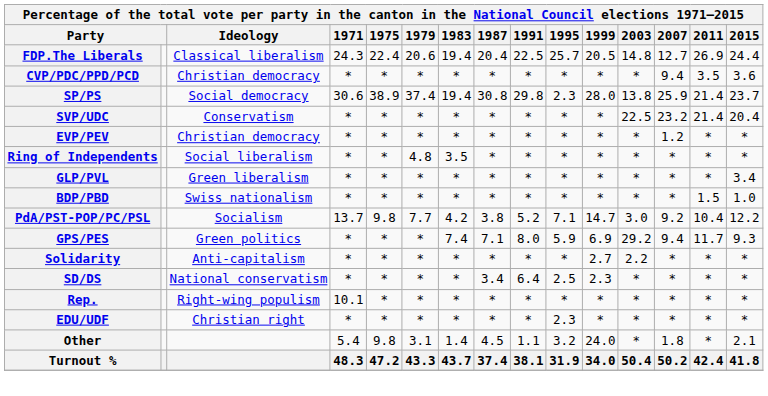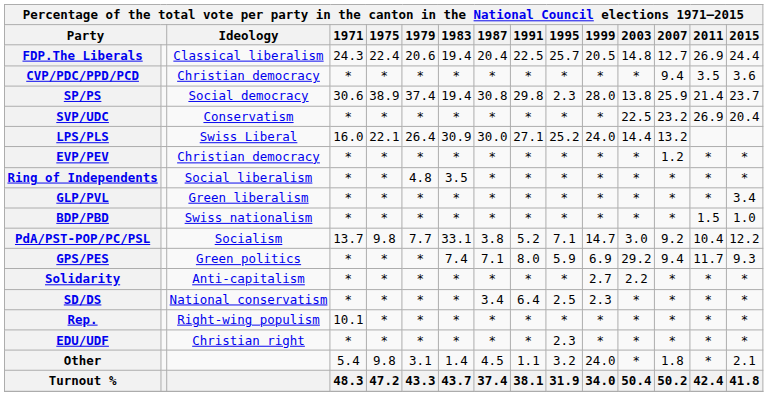 <table class="wikitable sortable" style="text-align: center">
 <tr>
 <th colspan="15">Percentage of the total vote per party in the canton in the <a href='#'>National Council</a> elections 1971–2015</th>
 </tr>
 <tr>
 <th colspan="2">Party</th>
 <th class="unsortable">Ideology</th>
 <th>1971</th>
 <th>1975</th>
 <th>1979</th>
 <th>1983</th>
 <th>1987</th>
 <th>1991</th>
 <th>1995</th>
 <th>1999</th>
 <th>2003</th>
 <th>2007</th>
 <th>2011</th>
 <th>2015</th>
 </tr>
 <tr>
 <th><a href='#'>FDP.The Liberals</a></th>
 <td></td>
 <td><a href='#'>Classical liberalism</a></td>
 <td>24.3</td>
 <td>22.4</td>
 <td>20.6</td>
 <td>19.4</td>
 <td>20.4</td>
 <td>22.5</td>
 <td>25.7</td>
 <td>20.5</td>
 <td>14.8</td>
 <td>12.7</td>
 <td>26.9</td>
 <td>24.4</td>
 </tr>
 <tr>
 <th><a href='#'>CVP/PDC/PPD/PCD</a></th>
 <td style="color:inherit;background-color:"></td>
 <td><a href='#'>Christian democracy</a></td>
 <td>* </td>
 <td>*</td>
 <td>*</td>
 <td>*</td>
 <td>*</td>
 <td>*</td>
 <td>*</td>
 <td>*</td>
 <td>*</td>
 <td>9.4</td>
 <td>3.5</td>
 <td>3.6</td>
 </tr>
 <tr>
 <th><a href='#'>SP/PS</a></th>
 <td style="color:inherit;background-color:"></td>
 <td><a href='#'>Social democracy</a></td>
 <td>30.6</td>
 <td>38.9</td>
 <td>37.4</td>
 <td>19.4</td>
 <td>30.8</td>
 <td>29.8</td>
 <td>2.3</td>
 <td>28.0</td>
 <td>13.8</td>
 <td>25.9</td>
 <td>21.4</td>
 <td>23.7</td>
 </tr>
 <tr>
 <th><a href='#'>SVP/UDC</a></th>
 <td style="color:inherit;background-color:"></td>
 <td><a href='#'>Conservatism</a></td>
 <td>*</td>
 <td>*</td>
 <td>*</td>
 <td>*</td>
 <td>*</td>
 <td>*</td>
 <td>*</td>
 <td>*</td>
 <td>22.5</td>
 <td>23.2</td>
-<td>21.4</td>
+<td>26.9</td>
 <td>20.4</td>
+</tr>
+<tr>
+<th><a href='#'>LPS/PLS</a></th>
+<td style="color:inherit;background-color:"></td>
+<td><a href='#'>Swiss Liberal</a></td>
+<td>16.0</td>
+<td>22.1</td>
+<td>26.4</td>
+<td>30.9</td>
+<td>30.0</td>
+<td>27.1</td>
+<td>25.2</td>
+<td>24.0</td>
+<td>14.4</td>
+<td>13.2</td>
+<td></td>
+<td></td>
 </tr>
 <tr>
 <th><a href='#'>EVP/PEV</a></th>
 <td style="color:inherit;background-color:"></td>
 <td><a href='#'>Christian democracy</a></td>
 <td>*</td>
 <td>*</td>
 <td>*</td>
 <td>*</td>
 <td>*</td>
 <td>*</td>
 <td>*</td>
 <td>*</td>
 <td>*</td>
 <td>1.2</td>
 <td>*</td>
 <td>*</td>
 </tr>
 <tr>
 <th><a href='#'>Ring of Independents</a></th>
 <td></td>
 <td><a href='#'>Social liberalism</a></td>
 <td>*</td>
 <td>*</td>
 <td>4.8</td>
 <td>3.5</td>
 <td>*</td>
 <td>*</td>
 <td>*</td>
 <td>*</td>
 <td>*</td>
 <td>*</td>
 <td>*</td>
 <td>*</td>
 </tr>
 <tr>
 <th><a href='#'>GLP/PVL</a></th>
 <td style="color:inherit;background-color:"></td>
 <td><a href='#'>Green liberalism</a></td>
 <td>*</td>
 <td>*</td>
 <td>*</td>
 <td>*</td>
 <td>*</td>
 <td>*</td>
 <td>*</td>
 <td>*</td>
 <td>*</td>
 <td>*</td>
 <td>*</td>
 <td>3.4</td>
 </tr>
 <tr>
 <th><a href='#'>BDP/PBD</a></th>
 <td style="color:inherit;background-color:"></td>
 <td><a href='#'>Swiss nationalism</a></td>
 <td>*</td>
 <td>*</td>
 <td>*</td>
 <td>*</td>
 <td>*</td>
 <td>*</td>
 <td>*</td>
 <td>*</td>
 <td>*</td>
 <td>*</td>
 <td>1.5</td>
 <td>1.0</td>
 </tr>
 <tr>
 <th><a href='#'>PdA/PST-POP/PC/PSL</a></th>
 <td style="color:inherit;background-color:"></td>
 <td><a href='#'>Socialism</a></td>
 <td>13.7</td>
 <td>9.8</td>
 <td>7.7</td>
-<td>4.2</td>
+<td>33.1</td>
 <td>3.8</td>
 <td>5.2</td>
 <td>7.1</td>
 <td>14.7</td>
 <td>3.0</td>
 <td>9.2</td>
 <td>10.4</td>
 <td>12.2</td>
 </tr>
 <tr>
 <th><a href='#'>GPS/PES</a></th>
 <td style="color:inherit;background-color:"></td>
 <td><a href='#'>Green politics</a></td>
 <td>*</td>
 <td>*</td>
 <td>*</td>
 <td>7.4</td>
 <td>7.1</td>
 <td>8.0</td>
 <td>5.9</td>
 <td>6.9</td>
 <td>29.2</td>
 <td>9.4</td>
 <td>11.7</td>
 <td>9.3</td>
 </tr>
 <tr>
 <th><a href='#'>Solidarity</a></th>
 <td style="color:inherit;background-color:"></td>
 <td><a href='#'>Anti-capitalism</a></td>
 <td>*</td>
 <td>*</td>
 <td>*</td>
 <td>*</td>
 <td>*</td>
 <td>*</td>
 <td>*</td>
 <td>2.7</td>
 <td>2.2</td>
 <td>*</td>
 <td>*</td>
 <td>*</td>
 </tr>
 <tr>
 <th><a href='#'>SD/DS</a></th>
 <td style="color:inherit;background-color:"></td>
 <td><a href='#'>National conservatism</a></td>
 <td>*</td>
 <td>*</td>
 <td>*</td>
 <td>*</td>
 <td>3.4</td>
 <td>6.4</td>
 <td>2.5</td>
 <td>2.3</td>
 <td>*</td>
 <td>*</td>
 <td>*</td>
 <td>*</td>
 </tr>
 <tr>
 <th><a href='#'>Rep.</a></th>
 <td></td>
 <td><a href='#'>Right-wing populism</a></td>
 <td>10.1</td>
 <td>*</td>
 <td>*</td>
 <td>*</td>
 <td>*</td>
 <td>*</td>
 <td>*</td>
 <td>*</td>
 <td>*</td>
 <td>*</td>
 <td>*</td>
 <td>*</td>
 </tr>
 <tr>
 <th><a href='#'>EDU/UDF</a></th>
 <td style="color:inherit;background-color:"></td>
 <td><a href='#'>Christian right</a></td>
 <td>*</td>
 <td>*</td>
 <td>*</td>
 <td>*</td>
 <td>*</td>
 <td>*</td>
 <td>2.3</td>
 <td>*</td>
 <td>*</td>
 <td>*</td>
 <td>*</td>
 <td>*</td>
 </tr>
 <tr>
 <th>Other</th>
 <td></td>
 <td></td>
 <td>5.4</td>
 <td>9.8</td>
 <td>3.1</td>
 <td>1.4</td>
 <td>4.5</td>
 <td>1.1</td>
 <td>3.2</td>
 <td>24.0</td>
 <td>*</td>
 <td>1.8</td>
 <td>*</td>
 <td>2.1</td>
 </tr>
 <tr>
 <th>Turnout %</th>
 <th></th>
 <th></th>
 <th>48.3</th>
 <th>47.2</th>
 <th>43.3</th>
 <th>43.7</th>
 <th>37.4</th>
 <th>38.1</th>
 <th>31.9</th>
 <th>34.0</th>
 <th>50.4</th>
 <th>50.2</th>
 <th>42.4</th>
 <th>41.8</th>
 </tr>
 <tr>
 </tr>
 </table>
